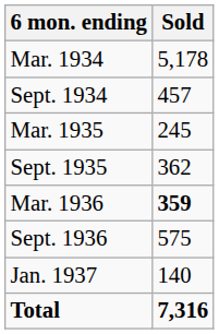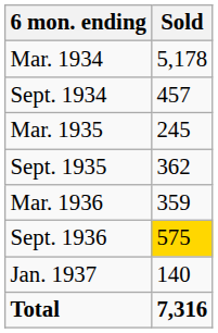 <table class="wikitable">
 <tr>
 <th>6 mon. ending</th>
 <th>Sold</th>
 </tr>
 <tr>
 <td>Mar. 1934</td>
 <td>5,178</td>
 </tr>
 <tr>
 <td>Sept. 1934</td>
 <td>457</td>
 </tr>
 <tr>
 <td>Mar. 1935</td>
 <td>245</td>
 </tr>
 <tr>
 <td>Sept. 1935</td>
 <td>362</td>
 </tr>
 <tr>
 <td>Mar. 1936</td>
-<td><strong>359</strong></td>
+<td>359</td>
 </tr>
 <tr>
 <td>Sept. 1936</td>
-<td>575</td>
+<td style="background: gold;">575</td>
 </tr>
 <tr>
 <td>Jan. 1937</td>
 <td>140</td>
 </tr>
 <tr>
 <td><strong>Total</strong></td>
 <td><strong>7,316</strong></td>
 </tr>
 </table>
